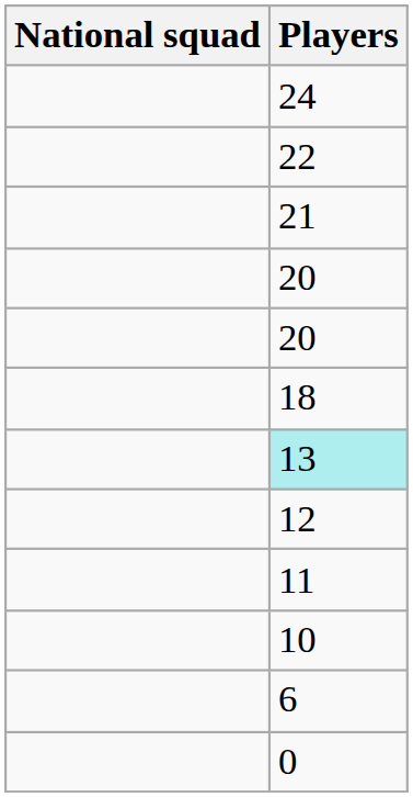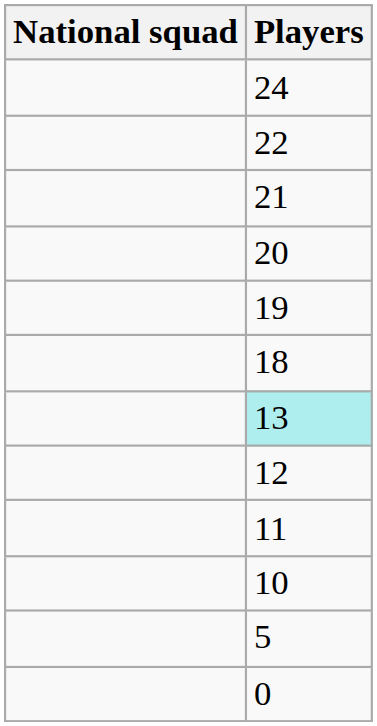 <table class="wikitable sortable">
 <tr>
 <th>National squad</th>
 <th>Players</th>
 </tr>
 <tr>
 <td></td>
 <td>24</td>
 </tr>
 <tr>
 <td></td>
 <td>22</td>
 </tr>
 <tr>
 <td></td>
 <td>21</td>
 </tr>
 <tr>
 <td></td>
 <td>20</td>
 </tr>
 <tr>
 <td></td>
-<td>20</td>
+<td>19</td>
 </tr>
 <tr>
 <td></td>
 <td>18</td>
 </tr>
 <tr>
 <td></td>
 <td style="background: paleturquoise;">13</td>
 </tr>
 <tr>
 <td></td>
 <td>12</td>
 </tr>
 <tr>
 <td></td>
 <td>11</td>
 </tr>
 <tr>
 <td></td>
 <td>10</td>
 </tr>
 <tr>
 <td></td>
-<td>6</td>
+<td>5</td>
 </tr>
 <tr>
 <td></td>
 <td>0</td>
 </tr>
 </table>
